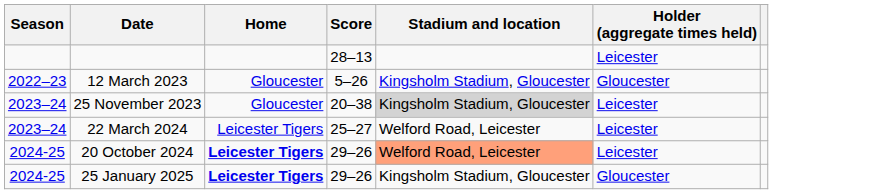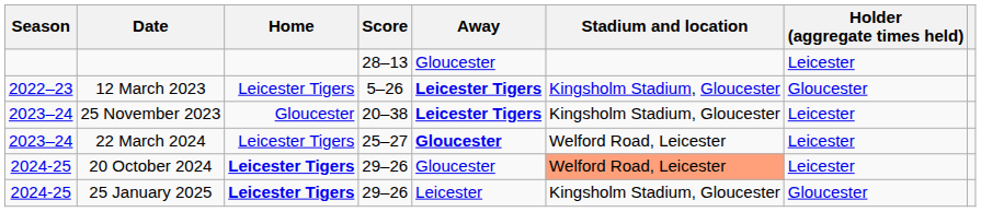 <table class="wikitable">
 <tr>
 <th>Season</th>
 <th>Date</th>
 <th>Home</th>
 <th>Score</th>
+<th>Away</th>
 <th>Stadium and location</th>
 <th>Holder<br>(aggregate times held)</th>
 <th></th>
 </tr>
 <tr>
 <td style="text-align:center;"></td>
 <td style="text-align:center;"></td>
 <td style="text-align:right;"></td>
 <td style="text-align:center;">28–13</td>
+<td style="text-align:left;"><a href='#'>Gloucester</a></td>
 <td style="text-align:left;"></td>
 <td><a href='#'>Leicester</a> </td>
 <td style="text-align:center;"></td>
 </tr>
 <tr>
 <td style="text-align:center;"><a href='#'>2022–23</a></td>
 <td style="text-align:center;">12 March 2023</td>
-<td style="text-align:right;"><a href='#'>Gloucester</a></td>
+<td style="text-align:right;"><a href='#'>Leicester Tigers</a></td>
 <td style="text-align:center;">5–26</td>
+<td style="text-align:left;"><strong><a href='#'>Leicester Tigers</a></strong></td>
 <td><a href='#'>Kingsholm Stadium</a>, <a href='#'>Gloucester</a></td>
 <td><a href='#'>Gloucester</a> </td>
 <td style="text-align:center;"></td>
 </tr>
 <tr>
 <td style="text-align:center;"><a href='#'>2023–24</a></td>
 <td style="text-align:center;">25 November 2023</td>
 <td style="text-align:right;"><a href='#'>Gloucester</a></td>
 <td style="text-align:center;">20–38</td>
-<td style="background: lightgrey;">Kingsholm Stadium, Gloucester</td>
+<td style="text-align:left;"><strong><a href='#'>Leicester Tigers</a></strong></td>
+<td>Kingsholm Stadium, Gloucester</td>
 <td><a href='#'>Leicester</a> </td>
 <td style="text-align:center;"></td>
 </tr>
 <tr>
 <td style="text-align:center;"><a href='#'>2023–24</a></td>
 <td style="text-align:center;">22 March 2024</td>
 <td style="text-align:right;"><a href='#'>Leicester Tigers</a></td>
 <td style="text-align:center;">25–27</td>
+<td><strong><a href='#'>Gloucester</a></strong></td>
 <td>Welford Road, Leicester</td>
 <td><a href='#'>Leicester</a> </td>
 <td style="text-align:center;"></td>
 </tr>
 <tr>
 <td style="text-align:center;"><a href='#'>2024-25</a></td>
 <td style="text-align:center;">20 October 2024</td>
 <td style="text-align:right;"><strong><a href='#'>Leicester Tigers</a></strong></td>
 <td style="text-align:center;">29–26</td>
+<td><a href='#'>Gloucester</a></td>
 <td style="background: lightsalmon;">Welford Road, Leicester</td>
 <td><a href='#'>Leicester</a> </td>
 <td style="text-align:center;"></td>
 </tr>
 <tr>
 <td style="text-align:center;"><a href='#'>2024-25</a></td>
 <td style="text-align:center;">25 January 2025</td>
 <td style="text-align:right;"><strong><a href='#'>Leicester Tigers</a></strong></td>
 <td style="text-align:center;">29–26</td>
+<td><a href='#'>Leicester</a></td>
 <td>Kingsholm Stadium, Gloucester</td>
 <td><a href='#'>Gloucester</a> </td>
 <td style="text-align:center;"></td>
 </tr>
 </table>
